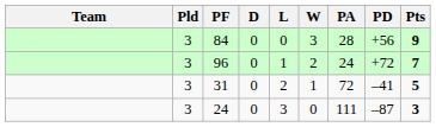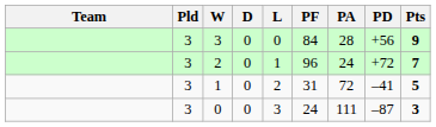 <table class="wikitable" style="text-align:center;">
 <tr>
 <th width=175>Team</th>
 <th width=25 abbr="Played">Pld</th>
-<th width=32 abbr="Points for">PF</th>
+<th width=25 abbr="Won">W</th>
 <th width=25 abbr="Drawn">D</th>
 <th width=25 abbr="Lost">L</th>
-<th width=25 abbr="Won">W</th>
+<th width=32 abbr="Points for">PF</th>
 <th width=32 abbr="Points against">PA</th>
 <th width=32 abbr="Points difference">PD</th>
 <th width=25 abbr="Points">Pts</th>
 </tr>
 <tr bgcolor=ccffcc>
 <td align=left></td>
 <td>3</td>
-<td>84</td>
+<td>3</td>
 <td>0</td>
 <td>0</td>
-<td>3</td>
+<td>84</td>
 <td>28</td>
 <td>+56</td>
 <td><strong>9</strong></td>
 </tr>
 <tr bgcolor=ccffcc>
 <td align=left></td>
 <td>3</td>
-<td>96</td>
+<td>2</td>
 <td>0</td>
 <td>1</td>
-<td>2</td>
+<td>96</td>
 <td>24</td>
 <td>+72</td>
 <td><strong>7</strong></td>
 </tr>
 <tr>
 <td align=left></td>
 <td>3</td>
-<td>31</td>
+<td>1</td>
 <td>0</td>
 <td>2</td>
-<td>1</td>
+<td>31</td>
 <td>72</td>
 <td>–41</td>
 <td><strong>5</strong></td>
 </tr>
 <tr>
 <td align=left></td>
 <td>3</td>
-<td>24</td>
+<td>0</td>
 <td>0</td>
 <td>3</td>
-<td>0</td>
+<td>24</td>
 <td>111</td>
 <td>–87</td>
 <td><strong>3</strong></td>
 </tr>
 </table>
